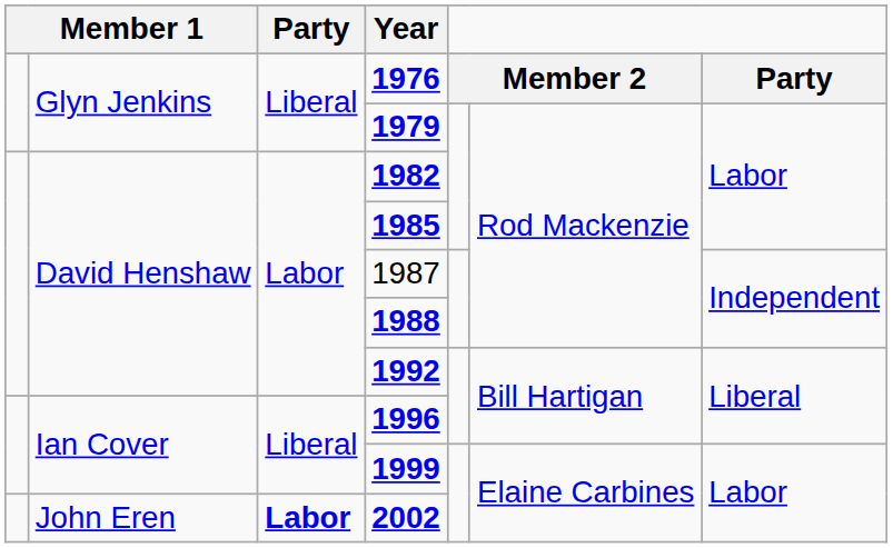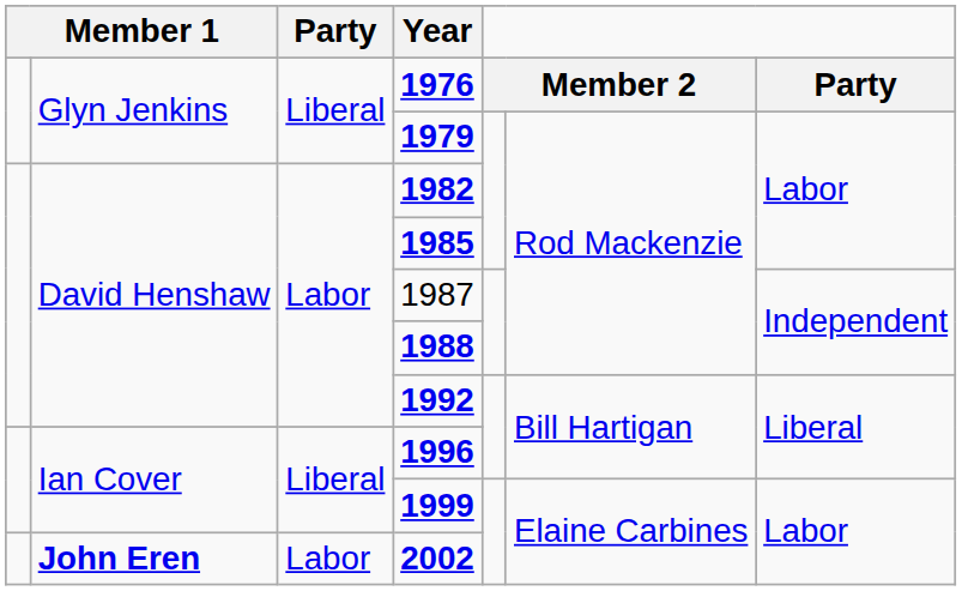 <table class="wikitable">
 <tr>
 <th colspan=2>Member 1</th>
 <th>Party</th>
 <th>Year</th>
 </tr>
 <tr>
 <td rowspan=2 > </td>
 <td rowspan=2><a href='#'>Glyn Jenkins</a></td>
 <td rowspan=2><a href='#'>Liberal</a></td>
 <td><strong><a href='#'>1976</a></strong></td>
 <th colspan=2>Member 2</th>
 <th>Party</th>
 </tr>
 <tr>
 <td><strong><a href='#'>1979</a></strong></td>
 <td rowspan=3 > </td>
 <td rowspan=5><a href='#'>Rod Mackenzie</a></td>
 <td rowspan=3><a href='#'>Labor</a></td>
 </tr>
 <tr>
 <td rowspan=5 > </td>
 <td rowspan=5><a href='#'>David Henshaw</a></td>
 <td rowspan=5><a href='#'>Labor</a></td>
 <td><strong><a href='#'>1982</a></strong></td>
 </tr>
 <tr>
 <td><strong><a href='#'>1985</a></strong></td>
 </tr>
 <tr>
 <td>1987</td>
 <td rowspan=2 > </td>
 <td rowspan=2><a href='#'>Independent</a></td>
 </tr>
 <tr>
 <td><strong><a href='#'>1988</a></strong></td>
 </tr>
 <tr>
 <td><strong><a href='#'>1992</a></strong></td>
 <td rowspan=2 > </td>
 <td rowspan=2><a href='#'>Bill Hartigan</a></td>
 <td rowspan=2><a href='#'>Liberal</a></td>
 </tr>
 <tr>
 <td rowspan=2 > </td>
 <td rowspan=2><a href='#'>Ian Cover</a></td>
 <td rowspan=2><a href='#'>Liberal</a></td>
 <td><strong><a href='#'>1996</a></strong></td>
 </tr>
 <tr>
 <td><strong><a href='#'>1999</a></strong></td>
 <td rowspan=2 > </td>
 <td rowspan=2><a href='#'>Elaine Carbines</a></td>
 <td rowspan=2><a href='#'>Labor</a></td>
 </tr>
 <tr>
 <td> </td>
-<td><a href='#'>John Eren</a></td>
-<td><strong><a href='#'>Labor</a></strong></td>
+<td><strong><a href='#'>John Eren</a></strong></td>
+<td><a href='#'>Labor</a></td>
 <td><strong><a href='#'>2002</a></strong></td>
 </tr>
 </table>
